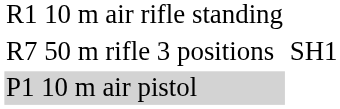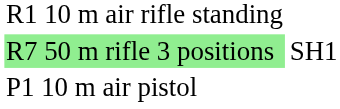 <table>
 <tr>
 <td nowrap>R1 10 m air rifle standing<br></td>
 <td rowspan=3>SH1</td>
 <td></td>
 <td></td>
 <td></td>
 </tr>
 <tr>
-<td>R7 50 m rifle 3 positions<br></td>
+<td style="background: lightgreen;">R7 50 m rifle 3 positions<br></td>
 <td></td>
 <td></td>
 <td></td>
 </tr>
 <tr>
-<td style="background: lightgrey;">P1 10 m air pistol<br></td>
+<td>P1 10 m air pistol<br></td>
 <td></td>
 <td></td>
 <td></td>
 </tr>
 </table>
